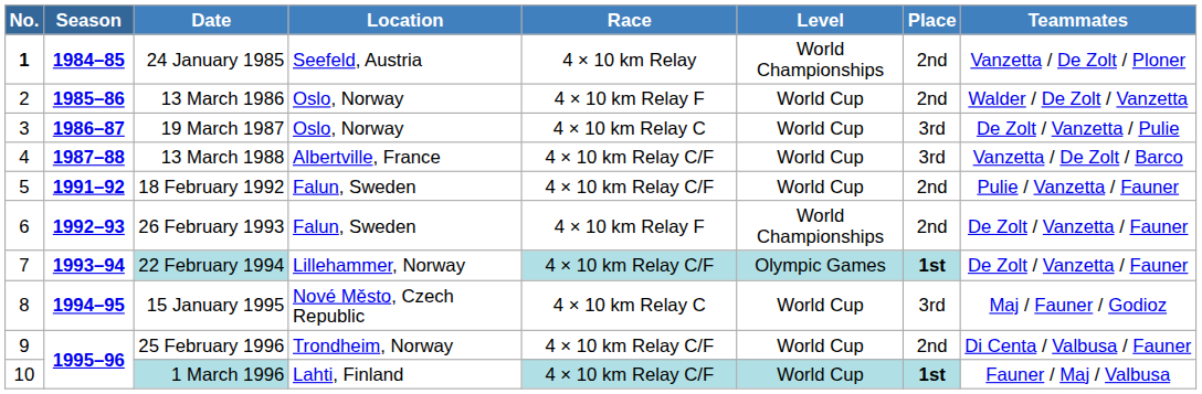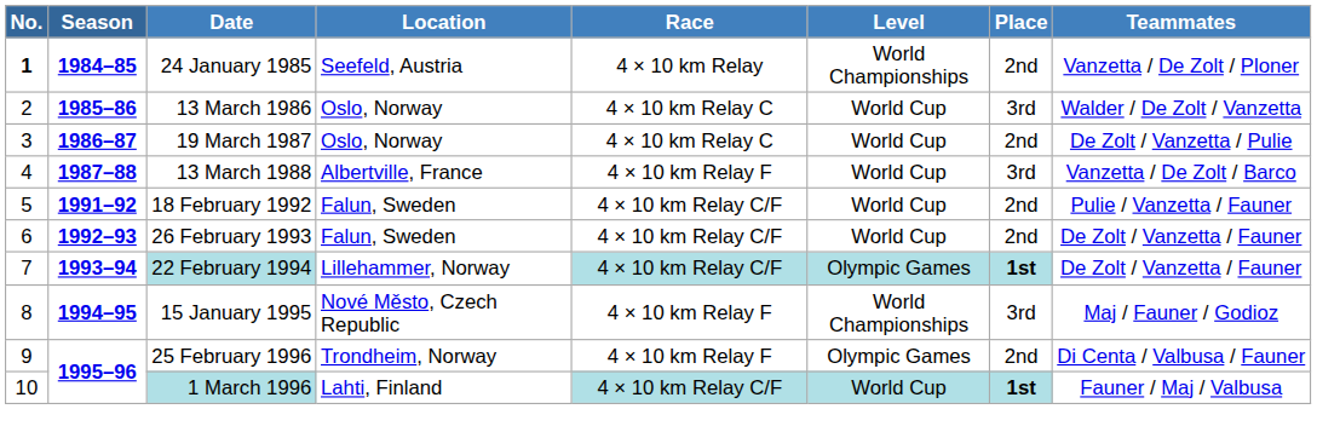 <table class="wikitable sortable" style="font-size:95%; text-align:center; border:grey solid 1px; border-collapse:collapse; background:#ffffff;">
 <tr style="background:#efefef;">
 <th style="background-color:#369; color:white;">No.</th>
 <th style="background-color:#369; color:white;">Season</th>
 <th style="background-color:#4180be; color:white; width:120px;">Date</th>
 <th style="background-color:#4180be; color:white; width:185px;">Location</th>
 <th style="background-color:#4180be; color:white; width:170px;">Race</th>
 <th style="background-color:#4180be; color:white; width:130px;">Level</th>
 <th style="background-color:#4180be; color:white;">Place</th>
 <th style="background-color:#4180be; color:white;">Teammates</th>
 </tr>
 <tr>
 <td align=center><strong>1</strong></td>
 <td rowspan=1 align=center><strong> <a href='#'>1984–85</a> </strong></td>
 <td align=right>24 January 1985</td>
 <td align=left> <a href='#'>Seefeld</a>, Austria</td>
 <td>4 × 10 km Relay</td>
 <td>World Championships</td>
 <td>2nd</td>
 <td><a href='#'>Vanzetta</a> / <a href='#'>De Zolt</a> / <a href='#'>Ploner</a></td>
 </tr>
 <tr>
 <td align=center>2</td>
 <td rowspan=1 align=center><strong> <a href='#'>1985–86</a> </strong></td>
 <td align=right>13 March 1986</td>
 <td align=left> <a href='#'>Oslo</a>, Norway</td>
-<td>4 × 10 km Relay F</td>
+<td>4 × 10 km Relay C</td>
 <td>World Cup</td>
-<td>2nd</td>
+<td>3rd</td>
 <td><a href='#'>Walder</a> / <a href='#'>De Zolt</a> / <a href='#'>Vanzetta</a></td>
 </tr>
 <tr>
 <td align=center>3</td>
 <td rowspan=1 align=center><strong> <a href='#'>1986–87</a> </strong></td>
 <td align=right>19 March 1987</td>
 <td align=left> <a href='#'>Oslo</a>, Norway</td>
 <td>4 × 10 km Relay C</td>
 <td>World Cup</td>
-<td>3rd</td>
+<td>2nd</td>
 <td><a href='#'>De Zolt</a> / <a href='#'>Vanzetta</a> / <a href='#'>Pulie</a></td>
 </tr>
 <tr>
 <td align=center>4</td>
 <td rowspan=1 align=center><strong> <a href='#'>1987–88</a> </strong></td>
 <td align=right>13 March 1988</td>
 <td align=left> <a href='#'>Albertville</a>, France</td>
-<td>4 × 10 km Relay C/F</td>
+<td>4 × 10 km Relay F</td>
 <td>World Cup</td>
 <td>3rd</td>
 <td><a href='#'>Vanzetta</a> / <a href='#'>De Zolt</a> / <a href='#'>Barco</a></td>
 </tr>
 <tr>
 <td align=center>5</td>
 <td rowspan=1 align=center><strong> <a href='#'>1991–92</a> </strong></td>
 <td align=right>18 February 1992</td>
 <td align=left> <a href='#'>Falun</a>, Sweden</td>
 <td>4 × 10 km Relay C/F</td>
 <td>World Cup</td>
 <td>2nd</td>
 <td><a href='#'>Pulie</a> / <a href='#'>Vanzetta</a> / <a href='#'>Fauner</a></td>
 </tr>
 <tr>
 <td align=center>6</td>
 <td rowspan=1 align=center><strong> <a href='#'>1992–93</a> </strong></td>
 <td align=right>26 February 1993</td>
 <td align=left> <a href='#'>Falun</a>, Sweden</td>
-<td>4 × 10 km Relay F</td>
-<td>World Championships</td>
+<td>4 × 10 km Relay C/F</td>
+<td>World Cup</td>
 <td>2nd</td>
 <td><a href='#'>De Zolt</a> / <a href='#'>Vanzetta</a> / <a href='#'>Fauner</a></td>
 </tr>
 <tr>
 <td align=center>7</td>
 <td rowspan=1 align=center><strong><a href='#'>1993–94</a></strong></td>
 <td bgcolor="#BOEOE6" align=right>22 February 1994</td>
 <td align=left> <a href='#'>Lillehammer</a>, Norway</td>
 <td bgcolor="#BOEOE6">4 × 10 km Relay C/F</td>
 <td bgcolor="#BOEOE6">Olympic Games</td>
 <td bgcolor="#BOEOE6"><strong>1st</strong></td>
 <td><a href='#'>De Zolt</a> / <a href='#'>Vanzetta</a> / <a href='#'>Fauner</a></td>
 </tr>
 <tr>
 <td align=center>8</td>
 <td rowspan=1 align=center><strong> <a href='#'>1994–95</a> </strong></td>
 <td align=right>15 January 1995</td>
 <td align=left> <a href='#'>Nové Město</a>, Czech Republic</td>
-<td>4 × 10 km Relay C</td>
-<td>World Cup</td>
+<td>4 × 10 km Relay F</td>
+<td>World Championships</td>
 <td>3rd</td>
 <td><a href='#'>Maj</a> / <a href='#'>Fauner</a> / <a href='#'>Godioz</a></td>
 </tr>
 <tr>
 <td align=center>9</td>
 <td rowspan=2 align=center><strong> <a href='#'>1995–96</a> </strong></td>
 <td align=right>25 February 1996</td>
 <td align=left> <a href='#'>Trondheim</a>, Norway</td>
-<td>4 × 10 km Relay C/F</td>
-<td>World Cup</td>
+<td>4 × 10 km Relay F</td>
+<td>Olympic Games</td>
 <td>2nd</td>
 <td><a href='#'>Di Centa</a> / <a href='#'>Valbusa</a> / <a href='#'>Fauner</a></td>
 </tr>
 <tr>
 <td align=center>10</td>
 <td bgcolor="#BOEOE6" align=right>1 March 1996</td>
 <td align=left> <a href='#'>Lahti</a>, Finland</td>
 <td bgcolor="#BOEOE6">4 × 10 km Relay C/F</td>
 <td bgcolor="#BOEOE6">World Cup</td>
 <td bgcolor="#BOEOE6"><strong>1st</strong></td>
 <td><a href='#'>Fauner</a> / <a href='#'>Maj</a> / <a href='#'>Valbusa</a></td>
 </tr>
 </table>
